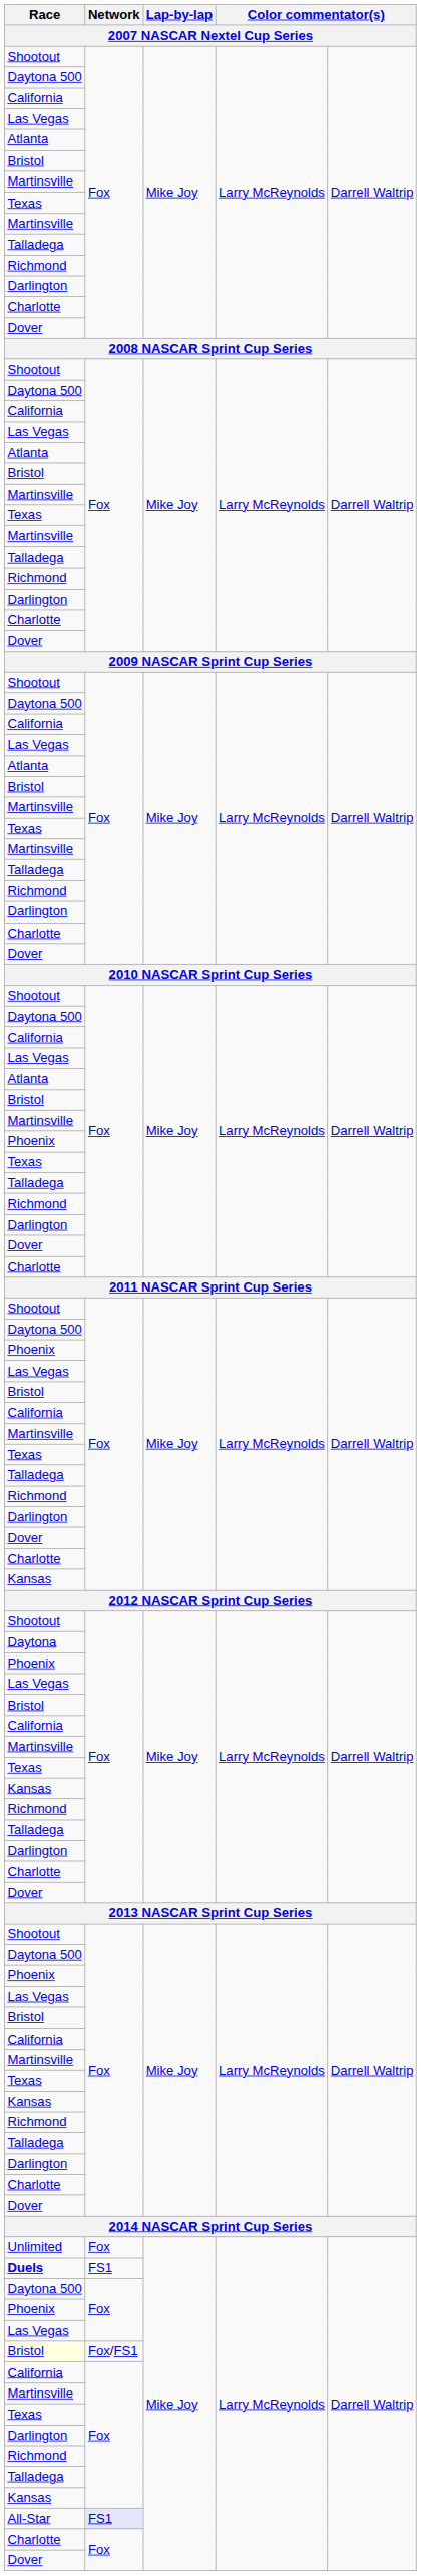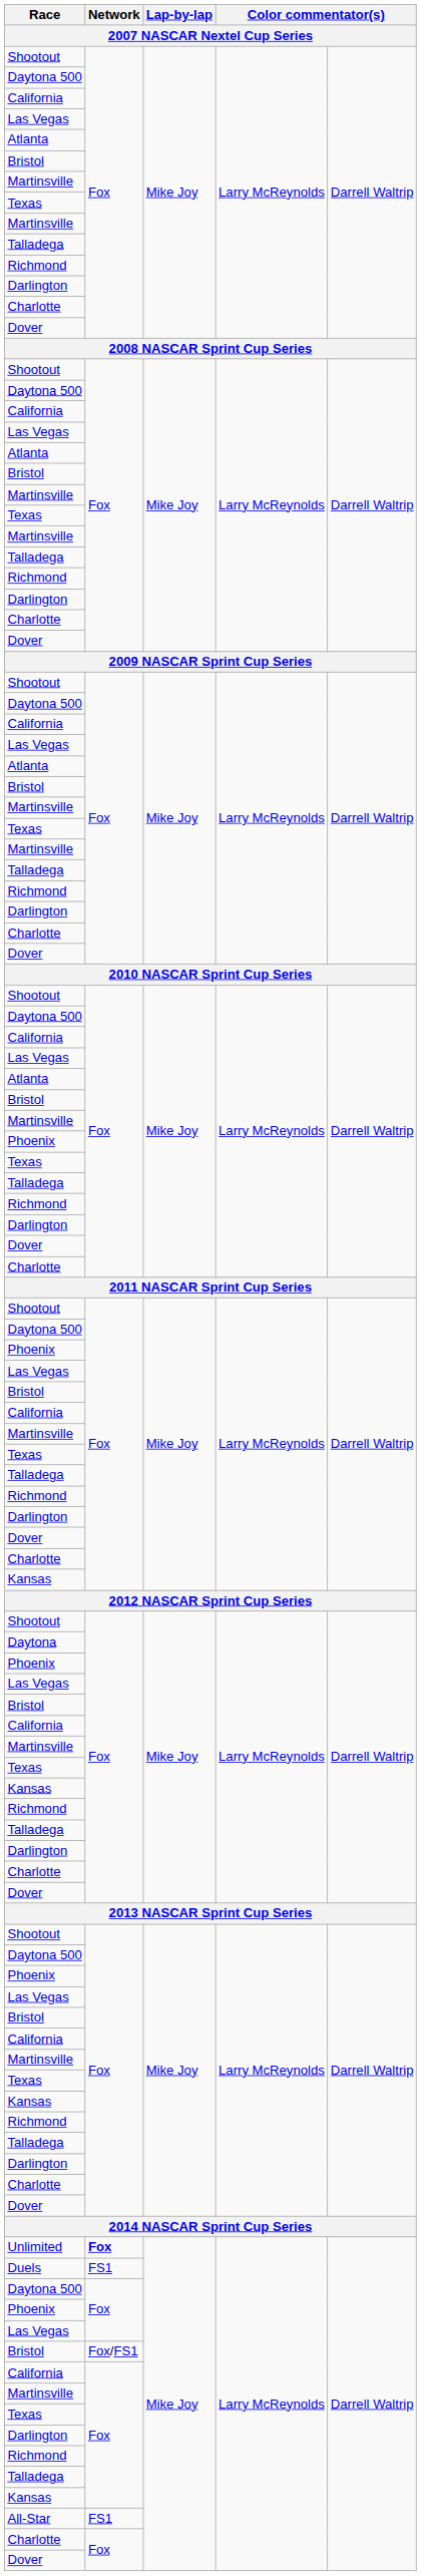 <table class="wikitable">
 <tr>
 <th>Race</th>
 <th>Network</th>
 <th><a href='#'>Lap-by-lap</a></th>
 <th colspan=2><a href='#'>Color commentator(s)</a></th>
 </tr>
 <tr>
 <th colspan=5><a href='#'>2007 NASCAR Nextel Cup Series</a></th>
 </tr>
 <tr>
 <td><a href='#'>Shootout</a></td>
 <td rowspan=14><a href='#'>Fox</a></td>
 <td rowspan=14><a href='#'>Mike Joy</a></td>
 <td rowspan=14><a href='#'>Larry McReynolds</a></td>
 <td rowspan=14><a href='#'>Darrell Waltrip</a></td>
 </tr>
 <tr>
 <td><a href='#'>Daytona 500</a></td>
 </tr>
 <tr>
 <td><a href='#'>California</a></td>
 </tr>
 <tr>
 <td><a href='#'>Las Vegas</a></td>
 </tr>
 <tr>
 <td><a href='#'>Atlanta</a></td>
 </tr>
 <tr>
 <td><a href='#'>Bristol</a></td>
 </tr>
 <tr>
 <td><a href='#'>Martinsville</a></td>
 </tr>
 <tr>
 <td><a href='#'>Texas</a></td>
 </tr>
 <tr>
 <td><a href='#'>Martinsville</a></td>
 </tr>
 <tr>
 <td><a href='#'>Talladega</a></td>
 </tr>
 <tr>
 <td><a href='#'>Richmond</a></td>
 </tr>
 <tr>
 <td><a href='#'>Darlington</a></td>
 </tr>
 <tr>
 <td><a href='#'>Charlotte</a></td>
 </tr>
 <tr>
 <td><a href='#'>Dover</a></td>
 </tr>
 <tr>
 <th colspan=5><a href='#'>2008 NASCAR Sprint Cup Series</a></th>
 </tr>
 <tr>
 <td><a href='#'>Shootout</a></td>
 <td rowspan=14><a href='#'>Fox</a></td>
 <td rowspan=14><a href='#'>Mike Joy</a></td>
 <td rowspan=14><a href='#'>Larry McReynolds</a></td>
 <td rowspan=14><a href='#'>Darrell Waltrip</a></td>
 </tr>
 <tr>
 <td><a href='#'>Daytona 500</a></td>
 </tr>
 <tr>
 <td><a href='#'>California</a></td>
 </tr>
 <tr>
 <td><a href='#'>Las Vegas</a></td>
 </tr>
 <tr>
 <td><a href='#'>Atlanta</a></td>
 </tr>
 <tr>
 <td><a href='#'>Bristol</a></td>
 </tr>
 <tr>
 <td><a href='#'>Martinsville</a></td>
 </tr>
 <tr>
 <td><a href='#'>Texas</a></td>
 </tr>
 <tr>
 <td><a href='#'>Martinsville</a></td>
 </tr>
 <tr>
 <td><a href='#'>Talladega</a></td>
 </tr>
 <tr>
 <td><a href='#'>Richmond</a></td>
 </tr>
 <tr>
 <td><a href='#'>Darlington</a></td>
 </tr>
 <tr>
 <td><a href='#'>Charlotte</a></td>
 </tr>
 <tr>
 <td><a href='#'>Dover</a></td>
 </tr>
 <tr>
 <th colspan=5><a href='#'>2009 NASCAR Sprint Cup Series</a></th>
 </tr>
 <tr>
 <td><a href='#'>Shootout</a></td>
 <td rowspan=14><a href='#'>Fox</a></td>
 <td rowspan=14><a href='#'>Mike Joy</a></td>
 <td rowspan=14><a href='#'>Larry McReynolds</a></td>
 <td rowspan=14><a href='#'>Darrell Waltrip</a></td>
 </tr>
 <tr>
 <td><a href='#'>Daytona 500</a></td>
 </tr>
 <tr>
 <td><a href='#'>California</a></td>
 </tr>
 <tr>
 <td><a href='#'>Las Vegas</a></td>
 </tr>
 <tr>
 <td><a href='#'>Atlanta</a></td>
 </tr>
 <tr>
 <td><a href='#'>Bristol</a></td>
 </tr>
 <tr>
 <td><a href='#'>Martinsville</a></td>
 </tr>
 <tr>
 <td><a href='#'>Texas</a></td>
 </tr>
 <tr>
 <td><a href='#'>Martinsville</a></td>
 </tr>
 <tr>
 <td><a href='#'>Talladega</a></td>
 </tr>
 <tr>
 <td><a href='#'>Richmond</a></td>
 </tr>
 <tr>
 <td><a href='#'>Darlington</a></td>
 </tr>
 <tr>
 <td><a href='#'>Charlotte</a></td>
 </tr>
 <tr>
 <td><a href='#'>Dover</a></td>
 </tr>
 <tr>
 <th colspan=5><a href='#'>2010 NASCAR Sprint Cup Series</a></th>
 </tr>
 <tr>
 <td><a href='#'>Shootout</a></td>
 <td rowspan=14><a href='#'>Fox</a></td>
 <td rowspan=14><a href='#'>Mike Joy</a></td>
 <td rowspan=14><a href='#'>Larry McReynolds</a></td>
 <td rowspan=14><a href='#'>Darrell Waltrip</a></td>
 </tr>
 <tr>
 <td><a href='#'>Daytona 500</a></td>
 </tr>
 <tr>
 <td><a href='#'>California</a></td>
 </tr>
 <tr>
 <td><a href='#'>Las Vegas</a></td>
 </tr>
 <tr>
 <td><a href='#'>Atlanta</a></td>
 </tr>
 <tr>
 <td><a href='#'>Bristol</a></td>
 </tr>
 <tr>
 <td><a href='#'>Martinsville</a></td>
 </tr>
 <tr>
 <td><a href='#'>Phoenix</a></td>
 </tr>
 <tr>
 <td><a href='#'>Texas</a></td>
 </tr>
 <tr>
 <td><a href='#'>Talladega</a></td>
 </tr>
 <tr>
 <td><a href='#'>Richmond</a></td>
 </tr>
 <tr>
 <td><a href='#'>Darlington</a></td>
 </tr>
 <tr>
 <td><a href='#'>Dover</a></td>
 </tr>
 <tr>
 <td><a href='#'>Charlotte</a></td>
 </tr>
 <tr>
 <th colspan=5><a href='#'>2011 NASCAR Sprint Cup Series</a></th>
 </tr>
 <tr>
 <td><a href='#'>Shootout</a></td>
 <td rowspan=14><a href='#'>Fox</a></td>
 <td rowspan=14><a href='#'>Mike Joy</a></td>
 <td rowspan=14><a href='#'>Larry McReynolds</a></td>
 <td rowspan=14><a href='#'>Darrell Waltrip</a></td>
 </tr>
 <tr>
 <td><a href='#'>Daytona 500</a></td>
 </tr>
 <tr>
 <td><a href='#'>Phoenix</a></td>
 </tr>
 <tr>
 <td><a href='#'>Las Vegas</a></td>
 </tr>
 <tr>
 <td><a href='#'>Bristol</a></td>
 </tr>
 <tr>
 <td><a href='#'>California</a></td>
 </tr>
 <tr>
 <td><a href='#'>Martinsville</a></td>
 </tr>
 <tr>
 <td><a href='#'>Texas</a></td>
 </tr>
 <tr>
 <td><a href='#'>Talladega</a></td>
 </tr>
 <tr>
 <td><a href='#'>Richmond</a></td>
 </tr>
 <tr>
 <td><a href='#'>Darlington</a></td>
 </tr>
 <tr>
 <td><a href='#'>Dover</a></td>
 </tr>
 <tr>
 <td><a href='#'>Charlotte</a></td>
 </tr>
 <tr>
 <td><a href='#'>Kansas</a></td>
 </tr>
 <tr>
 <th colspan=5><a href='#'>2012 NASCAR Sprint Cup Series</a></th>
 </tr>
 <tr>
 <td><a href='#'>Shootout</a></td>
 <td rowspan=14><a href='#'>Fox</a></td>
 <td rowspan=14><a href='#'>Mike Joy</a></td>
 <td rowspan=14><a href='#'>Larry McReynolds</a></td>
 <td rowspan=14><a href='#'>Darrell Waltrip</a></td>
 </tr>
 <tr>
 <td><a href='#'>Daytona</a></td>
 </tr>
 <tr>
 <td><a href='#'>Phoenix</a></td>
 </tr>
 <tr>
 <td><a href='#'>Las Vegas</a></td>
 </tr>
 <tr>
 <td><a href='#'>Bristol</a></td>
 </tr>
 <tr>
 <td><a href='#'>California</a></td>
 </tr>
 <tr>
 <td><a href='#'>Martinsville</a></td>
 </tr>
 <tr>
 <td><a href='#'>Texas</a></td>
 </tr>
 <tr>
 <td><a href='#'>Kansas</a></td>
 </tr>
 <tr>
 <td><a href='#'>Richmond</a></td>
 </tr>
 <tr>
 <td><a href='#'>Talladega</a></td>
 </tr>
 <tr>
 <td><a href='#'>Darlington</a></td>
 </tr>
 <tr>
 <td><a href='#'>Charlotte</a></td>
 </tr>
 <tr>
 <td><a href='#'>Dover</a></td>
 </tr>
 <tr>
 <th colspan=5><a href='#'>2013 NASCAR Sprint Cup Series</a></th>
 </tr>
 <tr>
 <td><a href='#'>Shootout</a></td>
 <td rowspan=14><a href='#'>Fox</a></td>
 <td rowspan=14><a href='#'>Mike Joy</a></td>
 <td rowspan=14><a href='#'>Larry McReynolds</a></td>
 <td rowspan=14><a href='#'>Darrell Waltrip</a></td>
 </tr>
 <tr>
 <td><a href='#'>Daytona 500</a></td>
 </tr>
 <tr>
 <td><a href='#'>Phoenix</a></td>
 </tr>
 <tr>
 <td><a href='#'>Las Vegas</a></td>
 </tr>
 <tr>
 <td><a href='#'>Bristol</a></td>
 </tr>
 <tr>
 <td><a href='#'>California</a></td>
 </tr>
 <tr>
 <td><a href='#'>Martinsville</a></td>
 </tr>
 <tr>
 <td><a href='#'>Texas</a></td>
 </tr>
 <tr>
 <td><a href='#'>Kansas</a></td>
 </tr>
 <tr>
 <td><a href='#'>Richmond</a></td>
 </tr>
 <tr>
 <td><a href='#'>Talladega</a></td>
 </tr>
 <tr>
 <td><a href='#'>Darlington</a></td>
 </tr>
 <tr>
 <td><a href='#'>Charlotte</a></td>
 </tr>
 <tr>
 <td><a href='#'>Dover</a></td>
 </tr>
 <tr>
 <th colspan=5><a href='#'>2014 NASCAR Sprint Cup Series</a></th>
 </tr>
 <tr>
 <td><a href='#'>Unlimited</a></td>
-<td><a href='#'>Fox</a></td>
+<td><strong><a href='#'>Fox</a></strong></td>
 <td rowspan=16><a href='#'>Mike Joy</a></td>
 <td rowspan=16><a href='#'>Larry McReynolds</a></td>
 <td rowspan=16><a href='#'>Darrell Waltrip</a></td>
 </tr>
 <tr>
-<td><strong><a href='#'>Duels</a></strong></td>
+<td><a href='#'>Duels</a></td>
 <td><a href='#'>FS1</a></td>
 </tr>
 <tr>
 <td><a href='#'>Daytona 500</a></td>
 <td rowspan=3><a href='#'>Fox</a></td>
 </tr>
 <tr>
 <td><a href='#'>Phoenix</a></td>
 </tr>
 <tr>
 <td><a href='#'>Las Vegas</a></td>
 </tr>
 <tr>
-<td style="background: lightyellow;"><a href='#'>Bristol</a></td>
+<td><a href='#'>Bristol</a></td>
 <td><a href='#'>Fox</a>/<a href='#'>FS1</a></td>
 </tr>
 <tr>
 <td><a href='#'>California</a></td>
 <td rowspan=7><a href='#'>Fox</a></td>
 </tr>
 <tr>
 <td><a href='#'>Martinsville</a></td>
 </tr>
 <tr>
 <td><a href='#'>Texas</a></td>
 </tr>
 <tr>
 <td><a href='#'>Darlington</a></td>
 </tr>
 <tr>
 <td><a href='#'>Richmond</a></td>
 </tr>
 <tr>
 <td><a href='#'>Talladega</a></td>
 </tr>
 <tr>
 <td><a href='#'>Kansas</a></td>
 </tr>
 <tr>
 <td><a href='#'>All-Star</a></td>
-<td style="background: lavender;"><a href='#'>FS1</a></td>
+<td><a href='#'>FS1</a></td>
 </tr>
 <tr>
 <td><a href='#'>Charlotte</a></td>
 <td rowspan=2><a href='#'>Fox</a></td>
 </tr>
 <tr>
 <td><a href='#'>Dover</a></td>
 </tr>
 </table>
